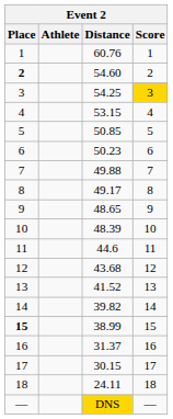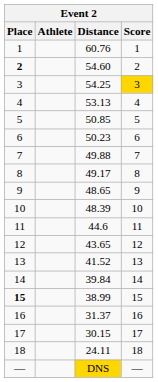 <table class=wikitable style="text-align:center">
 <tr>
 <th colspan=4><strong>Event 2</strong></th>
 </tr>
 <tr>
 <th>Place</th>
 <th>Athlete</th>
 <th>Distance</th>
 <th>Score</th>
 </tr>
 <tr>
 <td>1</td>
 <td align=left></td>
 <td>60.76</td>
 <td>1</td>
 </tr>
 <tr>
 <td><strong>2</strong></td>
 <td align=left></td>
 <td>54.60</td>
 <td>2</td>
 </tr>
 <tr>
 <td>3</td>
 <td align=left></td>
 <td>54.25</td>
 <td style="background: gold;">3</td>
 </tr>
 <tr>
 <td>4</td>
 <td align=left></td>
-<td>53.15</td>
+<td>53.13</td>
 <td>4</td>
 </tr>
 <tr>
 <td>5</td>
 <td align=left></td>
 <td>50.85</td>
 <td>5</td>
 </tr>
 <tr>
 <td>6</td>
 <td align=left></td>
 <td>50.23</td>
 <td>6</td>
 </tr>
 <tr>
 <td>7</td>
 <td align=left></td>
 <td>49.88</td>
 <td>7</td>
 </tr>
 <tr>
 <td>8</td>
 <td align=left></td>
 <td>49.17</td>
 <td>8</td>
 </tr>
 <tr>
 <td>9</td>
 <td align=left></td>
 <td>48.65</td>
 <td>9</td>
 </tr>
 <tr>
 <td>10</td>
 <td align=left></td>
 <td>48.39</td>
 <td>10</td>
 </tr>
 <tr>
 <td>11</td>
 <td align=left></td>
 <td>44.6</td>
 <td>11</td>
 </tr>
 <tr>
 <td>12</td>
 <td align=left></td>
-<td>43.68</td>
+<td>43.65</td>
 <td>12</td>
 </tr>
 <tr>
 <td>13</td>
 <td align=left></td>
 <td>41.52</td>
 <td>13</td>
 </tr>
 <tr>
 <td>14</td>
 <td align=left></td>
-<td>39.82</td>
+<td>39.84</td>
 <td>14</td>
 </tr>
 <tr>
 <td><strong>15</strong></td>
 <td align=left></td>
 <td>38.99</td>
 <td>15</td>
 </tr>
 <tr>
 <td>16</td>
 <td align=left></td>
 <td>31.37</td>
 <td>16</td>
 </tr>
 <tr>
 <td>17</td>
 <td align=left></td>
 <td>30.15</td>
 <td>17</td>
 </tr>
 <tr>
 <td>18</td>
 <td align=left></td>
 <td>24.11</td>
 <td>18</td>
 </tr>
 <tr>
 <td>—</td>
 <td align=left></td>
 <td style="background: gold;">DNS</td>
 <td>—</td>
 </tr>
 </table>
